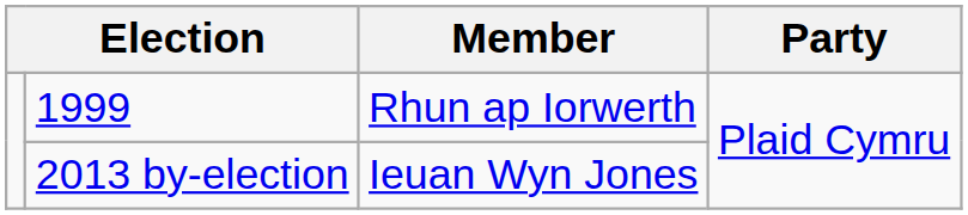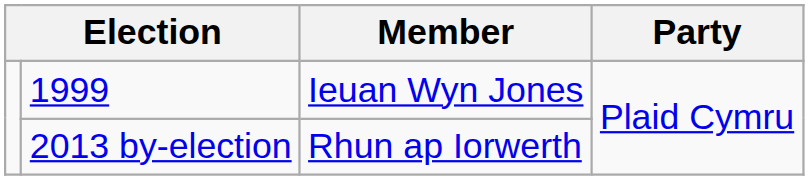 <table class="wikitable">
 <tr>
 <th colspan="2">Election</th>
 <th>Member</th>
 <th>Party</th>
 </tr>
 <tr>
 <td rowspan="2" style="background-color: "></td>
 <td><a href='#'>1999</a></td>
-<td><a href='#'>Rhun ap Iorwerth</a></td>
+<td><a href='#'>Ieuan Wyn Jones</a></td>
 <td rowspan="2"><a href='#'>Plaid Cymru</a></td>
 </tr>
 <tr>
 <td><a href='#'>2013 by-election</a></td>
-<td><a href='#'>Ieuan Wyn Jones</a></td>
+<td><a href='#'>Rhun ap Iorwerth</a></td>
 </tr>
 </table>
